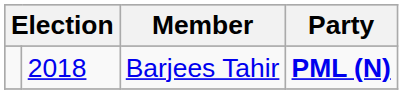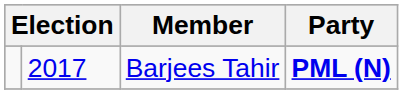 <table class="wikitable">
 <tr>
 <th colspan="2">Election</th>
 <th>Member</th>
 <th>Party</th>
 </tr>
 <tr>
 <td style="background-color: "></td>
-<td><a href='#'>2018</a></td>
+<td><a href='#'>2017</a></td>
 <td><a href='#'>Barjees Tahir</a></td>
 <td><strong><a href='#'>PML (N)</a></strong></td>
 </tr>
 </table>
